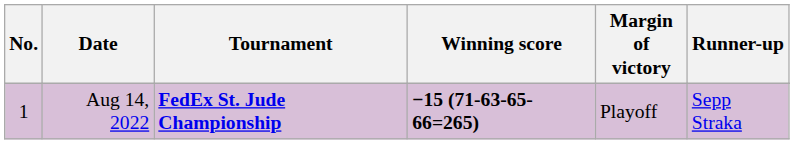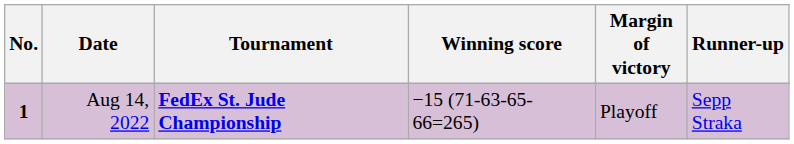 <table class="wikitable" style="font-size:95%;">
 <tr>
 <th>No.</th>
 <th>Date</th>
 <th>Tournament</th>
 <th>Winning score</th>
 <th>Margin of<br>victory</th>
 <th>Runner-up</th>
 </tr>
 <tr>
 </tr>
 <tr style="background:#D8BFD8;">
-<td align=center>1</td>
+<td align=center><strong>1</strong></td>
 <td align=right>Aug 14, <a href='#'>2022</a></td>
 <td><strong><a href='#'>FedEx St. Jude Championship</a></strong></td>
-<td><strong>−15 (71-63-65-66=265)</strong></td>
+<td>−15 (71-63-65-66=265)</td>
 <td>Playoff</td>
 <td> <a href='#'>Sepp Straka</a></td>
 </tr>
 </table>
